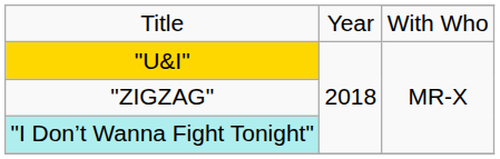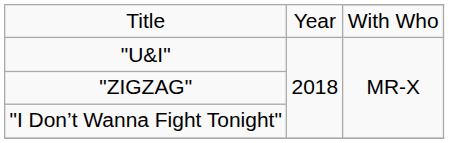 <table class="wikitable plainrowheaders" style="text-align:center;">
 <tr>
 <td scope="col" rowspan="2">Title</td>
 <td scope="col" rowspan="2">Year</td>
 </tr>
 <tr>
 <td colspan="1">With Who</td>
 </tr>
 <tr>
-<td scope="row" style="background: gold;">"U&I"</td>
+<td scope="row">"U&I"</td>
 <td rowspan="3">2018</td>
 <td rowspan="3">MR-X</td>
 </tr>
 <tr>
 <td scope="row">"ZIGZAG"</td>
 </tr>
 <tr>
-<td scope="row" style="background: paleturquoise;">"I Don’t Wanna Fight Tonight"</td>
+<td scope="row">"I Don’t Wanna Fight Tonight"</td>
 </tr>
 <tr>
 </tr>
 </table>
